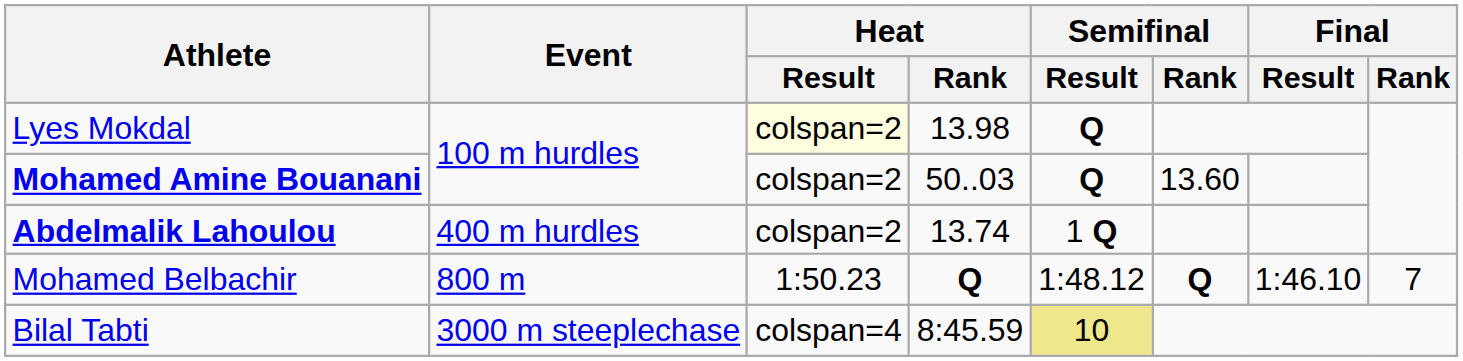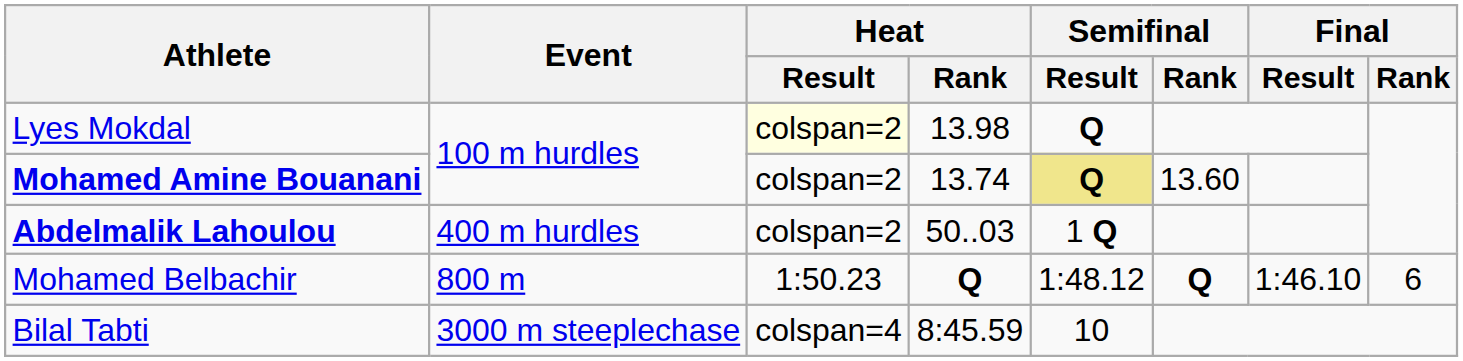 <table class="wikitable" style="font-size:90%">
 <tr>
 <th rowspan="2">Athlete</th>
 <th rowspan="2">Event</th>
 <th colspan="2">Heat</th>
 <th colspan="2">Semifinal</th>
 <th colspan="2">Final</th>
 </tr>
 <tr style="font-size:95%">
 <th>Result</th>
 <th>Rank</th>
 <th>Result</th>
 <th>Rank</th>
 <th>Result</th>
 <th>Rank</th>
 </tr>
 <tr align=center>
 <td align=left><a href='#'>Lyes Mokdal</a></td>
 <td align=left rowspan=2><a href='#'>100 m hurdles</a></td>
 <td style="background: lightyellow;">colspan=2 </td>
 <td>13.98</td>
 <td><strong>Q</strong></td>
 <td colspan=2></td>
 </tr>
 <tr align=center>
 <td align=left><strong><a href='#'>Mohamed Amine Bouanani</a></strong></td>
 <td>colspan=2 </td>
-<td>50..03</td>
-<td><strong>Q</strong></td>
+<td>13.74</td>
+<td style="background: khaki;"><strong>Q</strong></td>
 <td>13.60</td>
 <td></td>
 </tr>
 <tr align=center>
 <td align=left><strong><a href='#'>Abdelmalik Lahoulou</a></strong></td>
 <td align=left><a href='#'>400 m hurdles</a></td>
 <td>colspan=2 </td>
-<td>13.74</td>
+<td>50..03</td>
 <td>1 <strong>Q</strong></td>
 <td></td>
 <td></td>
 </tr>
 <tr align=center>
 <td align=left><a href='#'>Mohamed Belbachir</a></td>
 <td align=left><a href='#'>800 m</a></td>
 <td>1:50.23</td>
 <td><strong>Q</strong></td>
 <td>1:48.12</td>
 <td><strong>Q</strong></td>
 <td>1:46.10</td>
-<td>7</td>
+<td>6</td>
 </tr>
 <tr align=center>
 <td align=left><a href='#'>Bilal Tabti</a></td>
 <td align=left><a href='#'>3000 m steeplechase</a></td>
 <td>colspan=4 </td>
 <td>8:45.59</td>
-<td style="background: khaki;">10</td>
+<td>10</td>
 </tr>
 </table>
